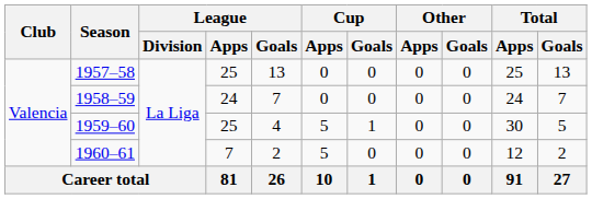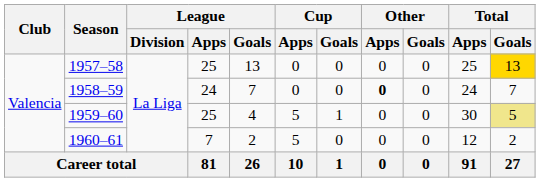 <table class="wikitable" style="text-align: center">
 <tr>
 <th rowspan="2">Club</th>
 <th rowspan="2">Season</th>
 <th colspan="3">League</th>
 <th colspan="2">Cup</th>
 <th colspan="2">Other</th>
 <th colspan="2">Total</th>
 </tr>
 <tr>
 <th>Division</th>
 <th>Apps</th>
 <th>Goals</th>
 <th>Apps</th>
 <th>Goals</th>
 <th>Apps</th>
 <th>Goals</th>
 <th>Apps</th>
 <th>Goals</th>
 </tr>
 <tr>
 <td rowspan="4"><a href='#'>Valencia</a></td>
 <td><a href='#'>1957–58</a></td>
 <td rowspan="4"><a href='#'>La Liga</a></td>
 <td>25</td>
 <td>13</td>
 <td>0</td>
 <td>0</td>
 <td>0</td>
 <td>0</td>
 <td>25</td>
-<td>13</td>
+<td style="background: gold;">13</td>
 </tr>
 <tr>
 <td><a href='#'>1958–59</a></td>
 <td>24</td>
 <td>7</td>
 <td>0</td>
 <td>0</td>
-<td>0</td>
+<td><strong>0</strong></td>
 <td>0</td>
 <td>24</td>
 <td>7</td>
 </tr>
 <tr>
 <td><a href='#'>1959–60</a></td>
 <td>25</td>
 <td>4</td>
 <td>5</td>
 <td>1</td>
 <td>0</td>
 <td>0</td>
 <td>30</td>
-<td>5</td>
+<td style="background: khaki;">5</td>
 </tr>
 <tr>
 <td><a href='#'>1960–61</a></td>
 <td>7</td>
 <td>2</td>
 <td>5</td>
 <td>0</td>
 <td>0</td>
 <td>0</td>
 <td>12</td>
 <td>2</td>
 </tr>
 <tr>
 <th colspan="3"><strong>Career total</strong></th>
 <th>81</th>
 <th>26</th>
 <th>10</th>
 <th>1</th>
 <th>0</th>
 <th>0</th>
 <th>91</th>
 <th>27</th>
 </tr>
 </table>
